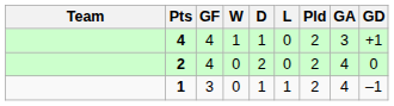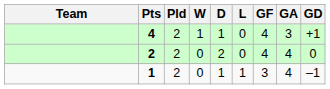 <table class=wikitable style="text-align:center">
 <tr>
 <th width=165>Team</th>
 <th width=20>Pts</th>
-<th width=20>GF</th>
+<th width=20>Pld</th>
 <th width=20>W</th>
 <th width=20>D</th>
 <th width=20>L</th>
-<th width=20>Pld</th>
+<th width=20>GF</th>
 <th width=20>GA</th>
 <th width=20>GD</th>
 </tr>
 <tr align=center style="background:#ccffcc;">
 <td style="text-align:left;"></td>
 <td><strong>4</strong></td>
-<td>4</td>
+<td>2</td>
 <td>1</td>
 <td>1</td>
 <td>0</td>
-<td>2</td>
+<td>4</td>
 <td>3</td>
 <td>+1</td>
 </tr>
 <tr align=center style="background:#ccffcc;">
 <td style="text-align:left;"></td>
 <td><strong>2</strong></td>
-<td>4</td>
+<td>2</td>
 <td>0</td>
 <td>2</td>
 <td>0</td>
-<td>2</td>
+<td>4</td>
 <td>4</td>
 <td>0</td>
 </tr>
 <tr align=center>
 <td style="text-align:left;"></td>
 <td><strong>1</strong></td>
-<td>3</td>
+<td>2</td>
 <td>0</td>
 <td>1</td>
 <td>1</td>
-<td>2</td>
+<td>3</td>
 <td>4</td>
 <td>–1</td>
 </tr>
 </table>
